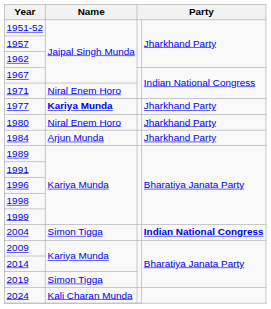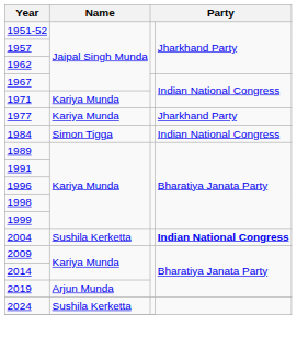 <table class="wikitable">
 <tr>
 <th>Year</th>
 <th>Name</th>
 <th colspan="2">Party</th>
 </tr>
 <tr>
 <td><a href='#'>1951-52</a></td>
 <td rowspan="4"><a href='#'>Jaipal Singh Munda</a></td>
 <td rowspan="3" style="background-color: "></td>
 <td rowspan="3"><a href='#'>Jharkhand Party</a></td>
 </tr>
 <tr>
 <td><a href='#'>1957</a></td>
 </tr>
 <tr>
 <td><a href='#'>1962</a></td>
 </tr>
 <tr>
 <td><a href='#'>1967</a></td>
 <td rowspan="2" style="background-color: "></td>
 <td rowspan="2"><a href='#'>Indian National Congress</a></td>
 </tr>
 <tr>
 <td><a href='#'>1971</a></td>
-<td><a href='#'>Niral Enem Horo</a></td>
+<td><a href='#'>Kariya Munda</a></td>
 </tr>
 <tr>
 <td><a href='#'>1977</a></td>
-<td><strong><a href='#'>Kariya Munda</a></strong></td>
-<td style="background-color: "></td>
-<td><a href='#'>Jharkhand Party</a></td>
-</tr>
-<tr>
-<td><a href='#'>1980</a></td>
-<td><a href='#'>Niral Enem Horo</a></td>
+<td><a href='#'>Kariya Munda</a></td>
 <td style="background-color: "></td>
 <td><a href='#'>Jharkhand Party</a></td>
 </tr>
 <tr>
 <td><a href='#'>1984</a></td>
-<td><a href='#'>Arjun Munda</a></td>
+<td><a href='#'>Simon Tigga</a></td>
 <td style="background-color: "></td>
-<td><a href='#'>Jharkhand Party</a></td>
+<td><a href='#'>Indian National Congress</a></td>
 </tr>
 <tr>
 <td><a href='#'>1989</a></td>
 <td rowspan="5"><a href='#'>Kariya Munda</a></td>
 <td rowspan="5" style="background-color: "></td>
 <td rowspan="5"><a href='#'>Bharatiya Janata Party</a></td>
 </tr>
 <tr>
 <td><a href='#'>1991</a></td>
 </tr>
 <tr>
 <td><a href='#'>1996</a></td>
 </tr>
 <tr>
 <td><a href='#'>1998</a></td>
 </tr>
 <tr>
 <td><a href='#'>1999</a></td>
 </tr>
 <tr>
 <td><a href='#'>2004</a></td>
-<td><a href='#'>Simon Tigga</a></td>
+<td><a href='#'>Sushila Kerketta</a></td>
 <td style="background-color: "></td>
 <td><strong><a href='#'>Indian National Congress</a></strong></td>
 </tr>
 <tr>
 <td><a href='#'>2009</a></td>
 <td rowspan="2"><a href='#'>Kariya Munda</a></td>
 <td rowspan="3" style="background-color: "></td>
 <td rowspan="3"><a href='#'>Bharatiya Janata Party</a></td>
 </tr>
 <tr>
 <td><a href='#'>2014</a></td>
 </tr>
 <tr>
 <td><a href='#'>2019</a></td>
-<td><a href='#'>Simon Tigga</a></td>
+<td><a href='#'>Arjun Munda</a></td>
 </tr>
 <tr>
 <td><a href='#'>2024</a></td>
-<td><a href='#'>Kali Charan Munda</a></td>
+<td><a href='#'>Sushila Kerketta</a></td>
 <td></td>
 </tr>
 <tr>
 </tr>
 </table>
